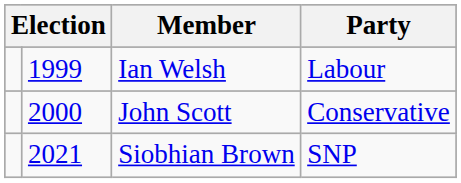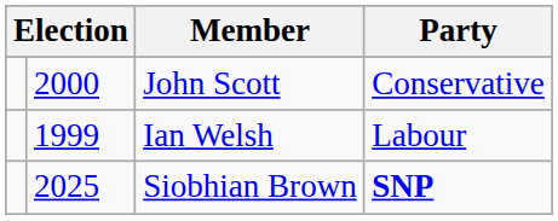 <table class="wikitable">
 <tr>
 <th colspan="2">Election</th>
 <th>Member</th>
 <th>Party</th>
+</tr>
+<tr>
+<td style=" background-color: "></td>
+<td><a href='#'>2000</a></td>
+<td><a href='#'>John Scott</a></td>
+<td><a href='#'>Conservative</a></td>
 </tr>
 <tr>
 <td style="background-color: "></td>
 <td><a href='#'>1999</a></td>
 <td><a href='#'>Ian Welsh</a></td>
 <td><a href='#'>Labour</a></td>
 </tr>
 <tr>
 <td style=" background-color: "></td>
-<td><a href='#'>2000</a></td>
-<td><a href='#'>John Scott</a></td>
-<td><a href='#'>Conservative</a></td>
-</tr>
-<tr>
-<td style=" background-color: "></td>
-<td><a href='#'>2021</a></td>
+<td><a href='#'>2025</a></td>
 <td><a href='#'>Siobhian Brown</a></td>
-<td><a href='#'>SNP</a></td>
+<td><strong><a href='#'>SNP</a></strong></td>
 </tr>
 </table>
